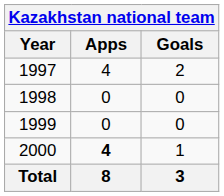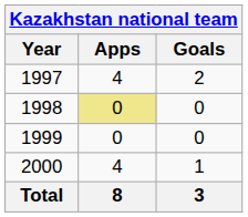 <table class="wikitable" style="text-align:center">
 <tr>
 <th colspan=3><a href='#'>Kazakhstan national team</a></th>
 </tr>
 <tr>
 <th>Year</th>
 <th>Apps</th>
 <th>Goals</th>
 </tr>
 <tr>
 <td>1997</td>
 <td>4</td>
 <td>2</td>
 </tr>
 <tr>
 <td>1998</td>
-<td>0</td>
+<td style="background: khaki;">0</td>
 <td>0</td>
 </tr>
 <tr>
 <td>1999</td>
 <td>0</td>
 <td>0</td>
 </tr>
 <tr>
 <td>2000</td>
-<td><strong>4</strong></td>
+<td>4</td>
 <td>1</td>
 </tr>
 <tr>
 <th>Total</th>
 <th>8</th>
 <th>3</th>
 </tr>
 </table>
